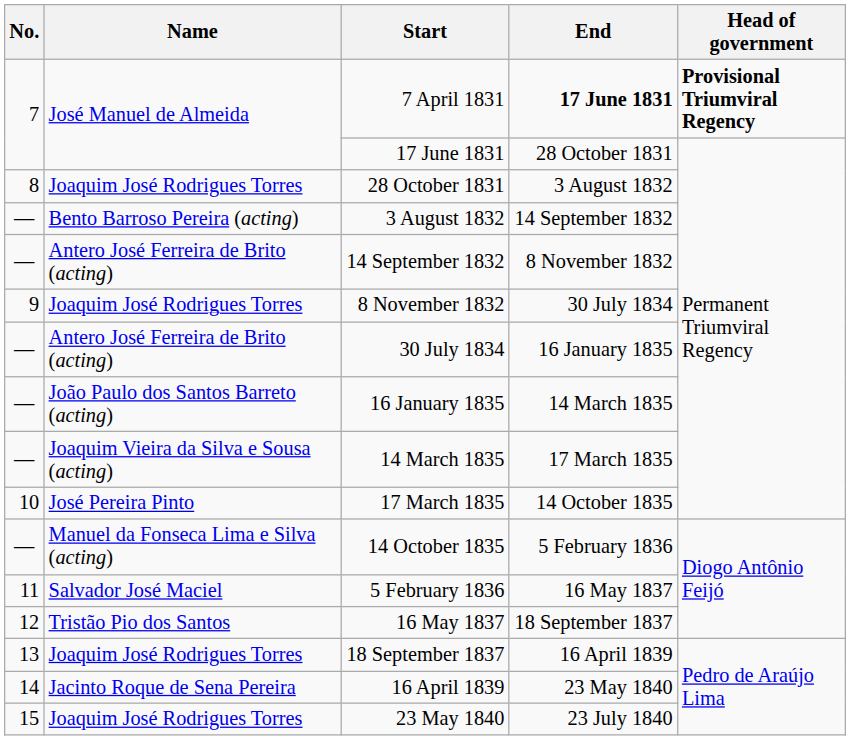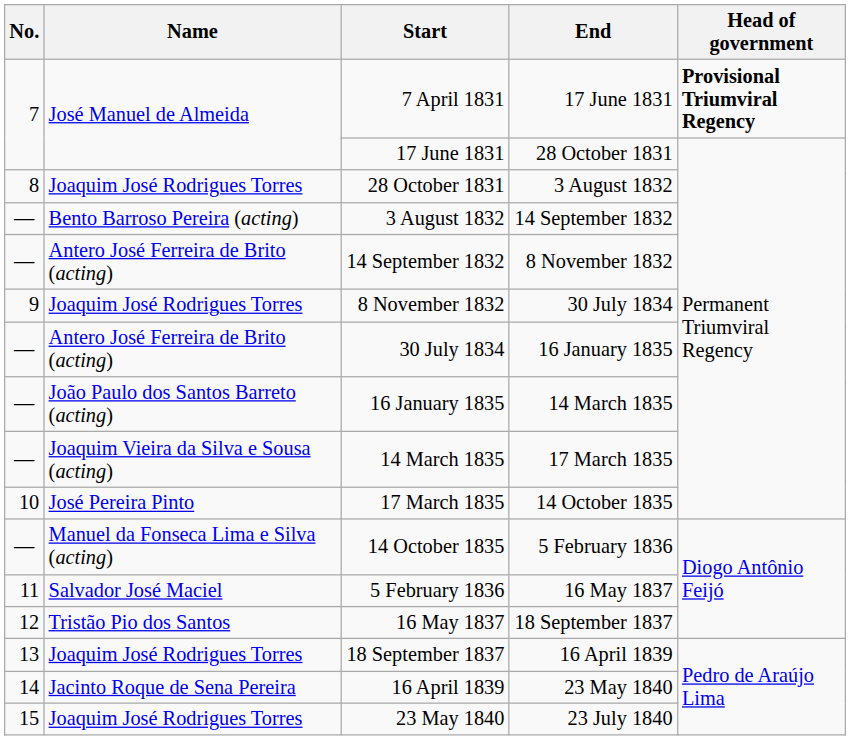 <table class="wikitable" width="75%">
 <tr>
 <th width="3%">No.</th>
 <th>Name</th>
 <th width="20%">Start</th>
 <th width="20%">End</th>
 <th width="20%">Head of government</th>
 </tr>
 <tr>
 <td rowspan="2" align="right">7</td>
 <td rowspan="2"><a href='#'>José Manuel de Almeida</a></td>
 <td align="right">7 April 1831</td>
-<td align="right"><strong>17 June 1831</strong></td>
+<td align="right">17 June 1831</td>
 <td><strong>Provisional Triumviral Regency</strong></td>
 </tr>
 <tr>
 <td align="right">17 June 1831</td>
 <td align="right">28 October 1831</td>
 <td rowspan="9">Permanent Triumviral Regency</td>
 </tr>
 <tr>
 <td align="right">8</td>
 <td><a href='#'>Joaquim José Rodrigues Torres</a></td>
 <td align="right">28 October 1831</td>
 <td align="right">3 August 1832</td>
 </tr>
 <tr>
 <td align="center">—</td>
 <td><a href='#'>Bento Barroso Pereira</a> (<em>acting</em>)</td>
 <td align="right">3 August 1832</td>
 <td align="right">14 September 1832</td>
 </tr>
 <tr>
 <td align="center">—</td>
 <td><a href='#'>Antero José Ferreira de Brito</a> (<em>acting</em>)</td>
 <td align="right">14 September 1832</td>
 <td align="right">8 November 1832</td>
 </tr>
 <tr>
 <td align="right">9</td>
 <td><a href='#'>Joaquim José Rodrigues Torres</a></td>
 <td align="right">8 November 1832</td>
 <td align="right">30 July 1834</td>
 </tr>
 <tr>
 <td align="center">—</td>
 <td><a href='#'>Antero José Ferreira de Brito</a> (<em>acting</em>)</td>
 <td align="right">30 July 1834</td>
 <td align="right">16 January 1835</td>
 </tr>
 <tr>
 <td align="center">—</td>
 <td><a href='#'>João Paulo dos Santos Barreto</a> (<em>acting</em>)</td>
 <td align="right">16 January 1835</td>
 <td align="right">14 March 1835</td>
 </tr>
 <tr>
 <td align="center">—</td>
 <td><a href='#'>Joaquim Vieira da Silva e Sousa</a> (<em>acting</em>)</td>
 <td align="right">14 March 1835</td>
 <td align="right">17 March 1835</td>
 </tr>
 <tr>
 <td align="right">10</td>
 <td><a href='#'>José Pereira Pinto</a></td>
 <td align="right">17 March 1835</td>
 <td align="right">14 October 1835</td>
 </tr>
 <tr>
 <td align="center">—</td>
 <td><a href='#'>Manuel da Fonseca Lima e Silva</a> (<em>acting</em>)</td>
 <td align="right">14 October 1835</td>
 <td align="right">5 February 1836</td>
 <td rowspan="3"><a href='#'>Diogo Antônio Feijó</a></td>
 </tr>
 <tr>
 <td align="right">11</td>
 <td><a href='#'>Salvador José Maciel</a></td>
 <td align="right">5 February 1836</td>
 <td align="right">16 May 1837</td>
 </tr>
 <tr>
 <td align="right">12</td>
 <td><a href='#'>Tristão Pio dos Santos</a></td>
 <td align="right">16 May 1837</td>
 <td align="right">18 September 1837</td>
 </tr>
 <tr>
 <td align="right">13</td>
 <td><a href='#'>Joaquim José Rodrigues Torres</a></td>
 <td align="right">18 September 1837</td>
 <td align="right">16 April 1839</td>
 <td rowspan="3"><a href='#'>Pedro de Araújo Lima</a></td>
 </tr>
 <tr>
 <td align="right">14</td>
 <td><a href='#'>Jacinto Roque de Sena Pereira</a></td>
 <td align="right">16 April 1839</td>
 <td align="right">23 May 1840</td>
 </tr>
 <tr>
 <td align="right">15</td>
 <td><a href='#'>Joaquim José Rodrigues Torres</a></td>
 <td align="right">23 May 1840</td>
 <td align="right">23 July 1840</td>
 </tr>
 </table>
